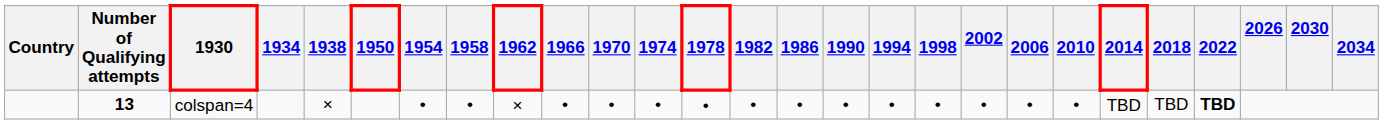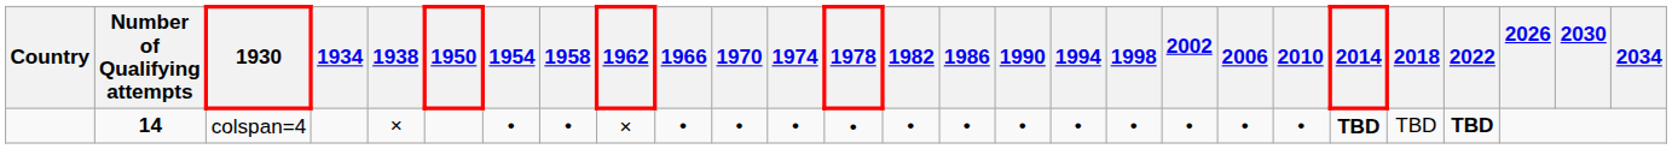 <table class="wikitable" style="text-align: center;">
 <tr>
 <th>Country</th>
 <th>Number of <br> Qualifying<br>attempts</th>
 <th style="border:3px solid red">1930<br> </th>
 <th><a href='#'>1934</a><br> </th>
 <th><a href='#'>1938</a><br> </th>
 <th style="border:3px solid red"><a href='#'>1950</a><br> </th>
 <th><a href='#'>1954</a><br> </th>
 <th><a href='#'>1958</a><br> </th>
 <th style="border:3px solid red"><a href='#'>1962</a><br> </th>
 <th><a href='#'>1966</a><br> </th>
 <th><a href='#'>1970</a><br> </th>
 <th><a href='#'>1974</a><br> </th>
 <th style="border:3px solid red"><a href='#'>1978</a><br> </th>
 <th><a href='#'>1982</a><br> </th>
 <th><a href='#'>1986</a><br> </th>
 <th><a href='#'>1990</a><br> </th>
 <th><a href='#'>1994</a><br> </th>
 <th><a href='#'>1998</a><br> </th>
 <th><a href='#'>2002</a><br> <br></th>
 <th><a href='#'>2006</a><br> </th>
 <th><a href='#'>2010</a><br> </th>
 <th style="border:3px solid red"><a href='#'>2014</a><br> </th>
 <th><a href='#'>2018</a><br> </th>
 <th><a href='#'>2022</a><br> </th>
 <th><a href='#'>2026</a><br> <br><br></th>
 <th><a href='#'>2030</a><br> <br><br></th>
 <th><a href='#'>2034</a><br> </th>
 </tr>
 <tr>
 <td style="text-align: left;"></td>
-<td><strong>13</strong></td>
+<td><strong>14</strong></td>
 <td>colspan=4 </td>
 <td></td>
 <td>×</td>
 <td></td>
 <td>•</td>
 <td>•</td>
 <td>×</td>
 <td>•</td>
 <td>•</td>
 <td>•</td>
 <td>•</td>
 <td>•</td>
 <td>•</td>
 <td>•</td>
 <td>•</td>
 <td>•</td>
 <td>•</td>
 <td>•</td>
 <td>•</td>
-<td>TBD</td>
+<td><strong>TBD</strong></td>
 <td>TBD</td>
 <td><strong>TBD</strong></td>
 </tr>
 </table>
